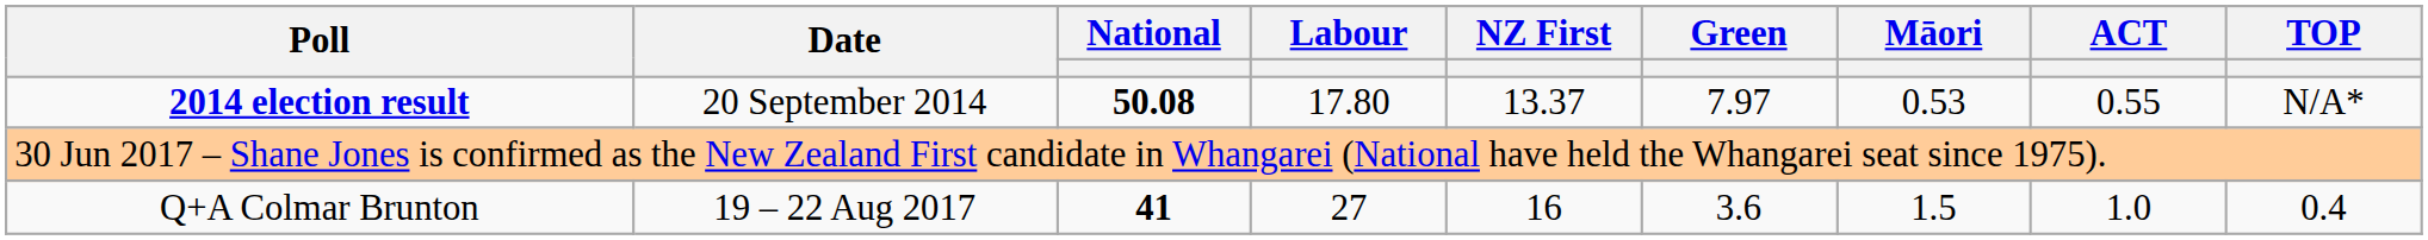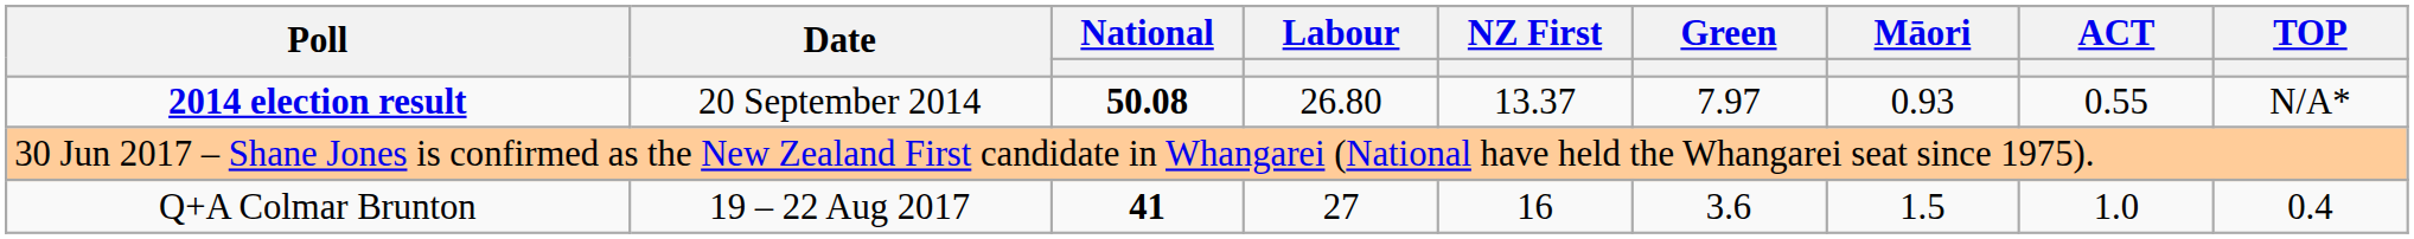 <table class="wikitable" style="font-size:90%; line-height:14px; text-align:center">
 <tr>
 <th style="width:240px;" rowspan="2">Poll</th>
 <th style="width:160px;" rowspan="2">Date </th>
 <th style="width:70px;" r bgcolor=><a href='#'>National</a></th>
 <th style="width:70px;" r bgcolor=><a href='#'>Labour</a></th>
 <th style="width:70px;" r bgcolor=><a href='#'>NZ First</a></th>
 <th style="width:70px;" r bgcolor=><a href='#'>Green</a></th>
 <th style="width:70px;" r bgcolor=><a href='#'>Māori</a></th>
 <th style="width:70px;" r bgcolor=><a href='#'>ACT</a></th>
 <th style="width:70px;" r bgcolor=><a href='#'>TOP</a></th>
 </tr>
 <tr>
 <th class="unsortable" style="color:inherit;background:"></th>
 <th class="unsortable" style="color:inherit;background:"></th>
 <th class="unsortable" style="color:inherit;background:"></th>
 <th class="unsortable" style="color:inherit;background:"></th>
 <th class="unsortable" style="color:inherit;background:"></th>
 <th class="unsortable" style="color:inherit;background:"></th>
 <th class="unsortable" style="color:inherit;background:"></th>
 </tr>
 <tr>
 <td><strong><a href='#'>2014 election result</a></strong></td>
 <td>20 September 2014</td>
 <td><strong>50.08</strong></td>
-<td>17.80</td>
+<td>26.80</td>
 <td>13.37</td>
 <td>7.97</td>
-<td>0.53</td>
+<td>0.93</td>
 <td>0.55</td>
 <td>N/A*</td>
 </tr>
 <tr>
 <td colspan="12" style="background:#fc9;text-align:left;">30 Jun 2017 – <a href='#'>Shane Jones</a> is confirmed as the <a href='#'>New Zealand First</a> candidate in <a href='#'>Whangarei</a> (<a href='#'>National</a> have held the Whangarei seat since 1975).</td>
 </tr>
 <tr>
 <td>Q+A Colmar Brunton</td>
 <td>19 – 22 Aug 2017</td>
 <td><strong>41</strong></td>
 <td>27</td>
 <td>16</td>
 <td>3.6</td>
 <td>1.5</td>
 <td>1.0</td>
 <td>0.4</td>
 </tr>
 </table>
